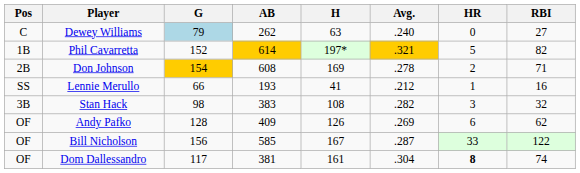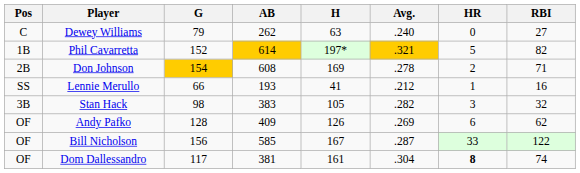 <table class="wikitable sortable">
 <tr>
 <th bgcolor="#DDDDFF" width="5%">Pos</th>
 <th bgcolor="#DDDDFF" width="16%">Player</th>
 <th bgcolor="#DDDDFF" width="9%">G</th>
 <th bgcolor="#DDDDFF" width="9%">AB</th>
 <th bgcolor="#DDDDFF" width="9%">H</th>
 <th bgcolor="#DDDDFF" width="9%">Avg.</th>
 <th bgcolor="#DDDDFF" width="9%">HR</th>
 <th bgcolor="#DDDDFF" width="9%">RBI</th>
 </tr>
 <tr align="center">
 <td>C</td>
 <td><a href='#'>Dewey Williams</a></td>
-<td style="background: lightblue;">79</td>
+<td>79</td>
 <td>262</td>
 <td>63</td>
 <td>.240</td>
 <td>0</td>
 <td>27</td>
 </tr>
 <tr align=center>
 <td>1B</td>
 <td><a href='#'>Phil Cavarretta</a></td>
 <td>152</td>
 <td style="background:#fc0;">614</td>
 <td style="background:#DDFFDD;">197*</td>
 <td style="background:#fc0;">.321</td>
 <td>5</td>
 <td>82</td>
 </tr>
 <tr align=center>
 <td>2B</td>
 <td><a href='#'>Don Johnson</a></td>
 <td style="background:#fc0;">154</td>
 <td>608</td>
 <td>169</td>
 <td>.278</td>
 <td>2</td>
 <td>71</td>
 </tr>
 <tr align=center>
 <td>SS</td>
 <td><a href='#'>Lennie Merullo</a></td>
 <td>66</td>
 <td>193</td>
 <td>41</td>
 <td>.212</td>
 <td>1</td>
 <td>16</td>
 </tr>
 <tr align=center>
 <td>3B</td>
 <td><a href='#'>Stan Hack</a></td>
 <td>98</td>
 <td>383</td>
-<td>108</td>
+<td>105</td>
 <td>.282</td>
 <td>3</td>
 <td>32</td>
 </tr>
 <tr align=center>
 <td>OF</td>
 <td><a href='#'>Andy Pafko</a></td>
 <td>128</td>
 <td>409</td>
 <td>126</td>
 <td>.269</td>
 <td>6</td>
 <td>62</td>
 </tr>
 <tr align=center>
 <td>OF</td>
 <td><a href='#'>Bill Nicholson</a></td>
 <td>156</td>
 <td>585</td>
 <td>167</td>
 <td>.287</td>
 <td style="background:#DDFFDD;">33</td>
 <td style="background:#DDFFDD;">122</td>
 </tr>
 <tr align=center>
 <td>OF</td>
 <td><a href='#'>Dom Dallessandro</a></td>
 <td>117</td>
 <td>381</td>
 <td>161</td>
 <td>.304</td>
 <td><strong>8</strong></td>
 <td>74</td>
 </tr>
 </table>
